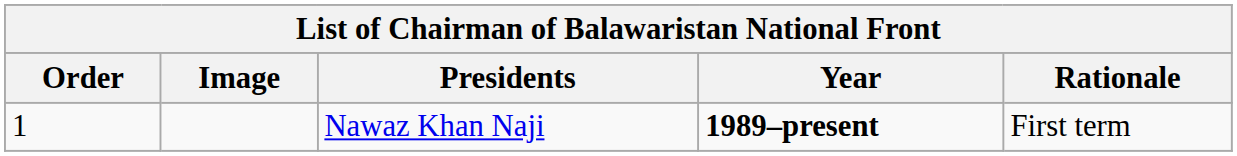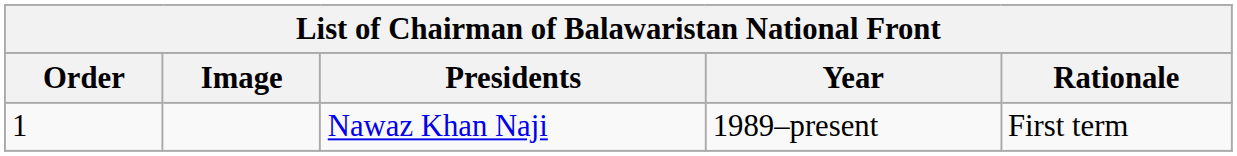 <table class="wikitable sortable" style="min-width:40em">
 <tr>
 <th colspan="5">List of Chairman of Balawaristan National Front</th>
 </tr>
 <tr>
 <th>Order</th>
 <th>Image</th>
 <th>Presidents</th>
 <th>Year</th>
 <th>Rationale</th>
 </tr>
 <tr>
 <td>1</td>
 <td></td>
 <td><a href='#'>Nawaz Khan Naji</a></td>
-<td><strong>1989–present</strong></td>
+<td>1989–present</td>
 <td>First term</td>
 </tr>
 </table>
